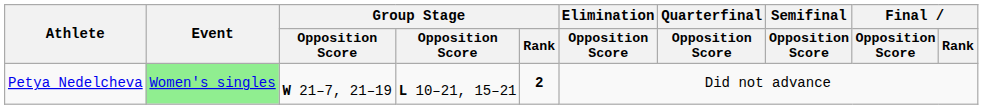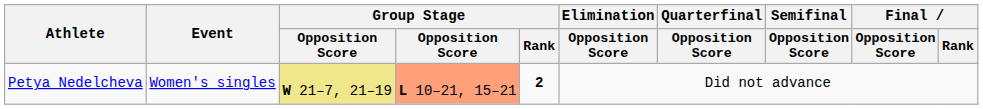 <table class="wikitable" style="font-size:90%">
 <tr>
 <th rowspan=2>Athlete</th>
 <th rowspan=2>Event</th>
 <th colspan=3>Group Stage</th>
 <th>Elimination</th>
 <th>Quarterfinal</th>
 <th>Semifinal</th>
 <th colspan=2>Final / </th>
 </tr>
 <tr style="font-size:95%">
 <th>Opposition<br>Score</th>
 <th>Opposition<br>Score</th>
 <th>Rank</th>
 <th>Opposition<br>Score</th>
 <th>Opposition<br>Score</th>
 <th>Opposition<br>Score</th>
 <th>Opposition<br>Score</th>
 <th>Rank</th>
 </tr>
 <tr align=center>
 <td align=left><a href='#'>Petya Nedelcheva</a></td>
-<td align=left style="background: lightgreen;"><a href='#'>Women's singles</a></td>
-<td><br><strong>W</strong> 21–7, 21–19</td>
-<td><br><strong>L</strong> 10–21, 15–21</td>
+<td align=left><a href='#'>Women's singles</a></td>
+<td style="background: khaki;"><br><strong>W</strong> 21–7, 21–19</td>
+<td style="background: lightsalmon;"><br><strong>L</strong> 10–21, 15–21</td>
 <td><strong>2</strong></td>
 <td colspan=5>Did not advance</td>
 </tr>
 </table>
